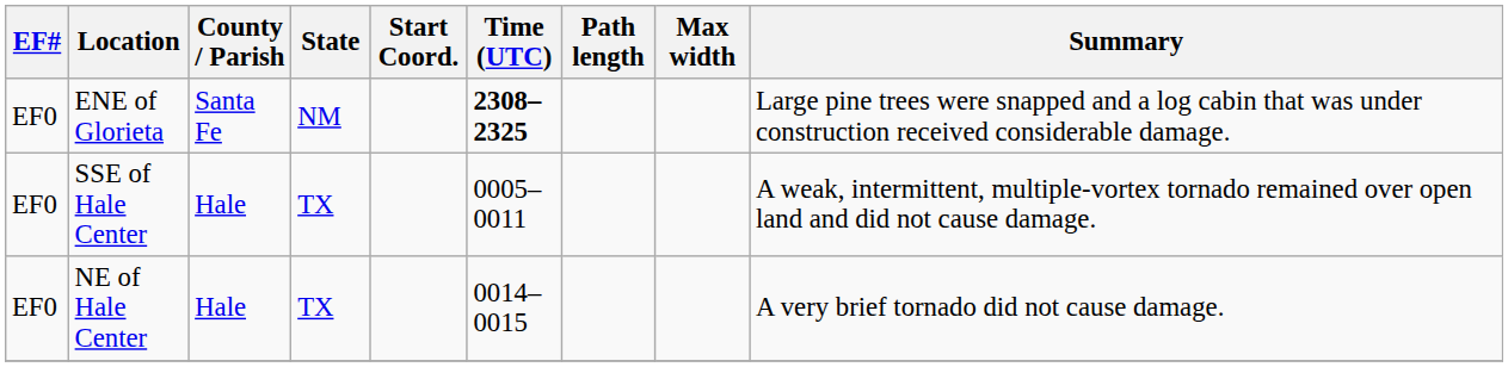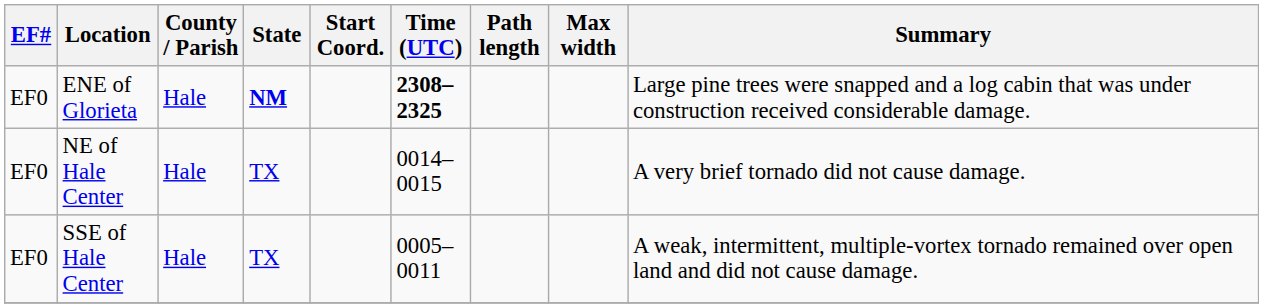 <table class="wikitable sortable" style="width:100%;">
 <tr>
 <th scope="col" width="3%" align="center"><a href='#'>EF#</a></th>
 <th scope="col" width="7%" align="center" class="unsortable">Location</th>
 <th scope="col" width="6%" align="center" class="unsortable">County / Parish</th>
 <th scope="col" width="5%" align="center">State</th>
 <th scope="col" width="6%" align="center">Start Coord.</th>
 <th scope="col" width="6%" align="center">Time (<a href='#'>UTC</a>)</th>
 <th scope="col" width="6%" align="center">Path length</th>
 <th scope="col" width="6%" align="center">Max width</th>
 <th scope="col" width="48%" class="unsortable" align="center">Summary</th>
 </tr>
 <tr>
 <td>EF0</td>
 <td>ENE of <a href='#'>Glorieta</a></td>
-<td><a href='#'>Santa Fe</a></td>
-<td><a href='#'>NM</a></td>
+<td><a href='#'>Hale</a></td>
+<td><strong><a href='#'>NM</a></strong></td>
 <td></td>
 <td><strong>2308–2325</strong></td>
 <td></td>
 <td></td>
 <td>Large pine trees were snapped and a log cabin that was under construction received considerable damage.</td>
+</tr>
+<tr>
+<td>EF0</td>
+<td>NE of <a href='#'>Hale Center</a></td>
+<td><a href='#'>Hale</a></td>
+<td><a href='#'>TX</a></td>
+<td></td>
+<td>0014–0015</td>
+<td></td>
+<td></td>
+<td>A very brief tornado did not cause damage.</td>
 </tr>
 <tr>
 <td>EF0</td>
 <td>SSE of <a href='#'>Hale Center</a></td>
 <td><a href='#'>Hale</a></td>
 <td><a href='#'>TX</a></td>
 <td></td>
 <td>0005–0011</td>
 <td></td>
 <td></td>
 <td>A weak, intermittent, multiple-vortex tornado remained over open land and did not cause damage.</td>
 </tr>
 <tr>
-<td>EF0</td>
-<td>NE of <a href='#'>Hale Center</a></td>
-<td><a href='#'>Hale</a></td>
-<td><a href='#'>TX</a></td>
-<td></td>
-<td>0014–0015</td>
-<td></td>
-<td></td>
-<td>A very brief tornado did not cause damage.</td>
-</tr>
-<tr>
 </tr>
 </table>
